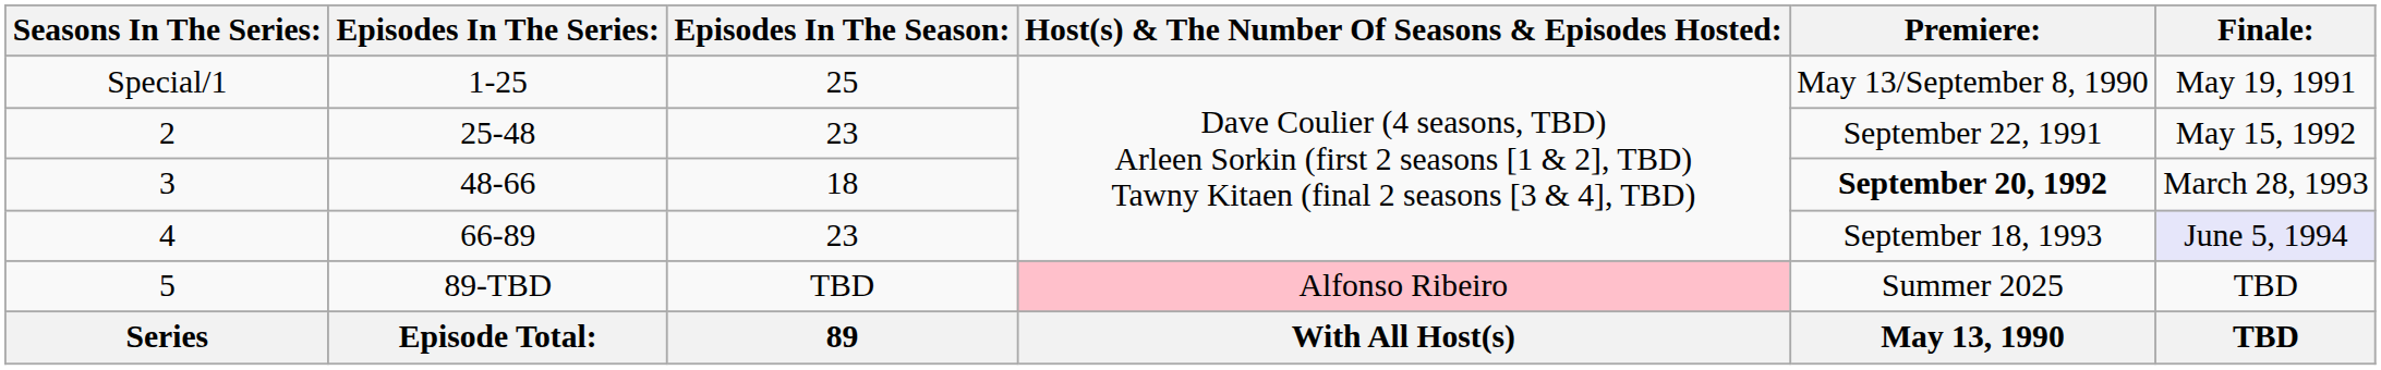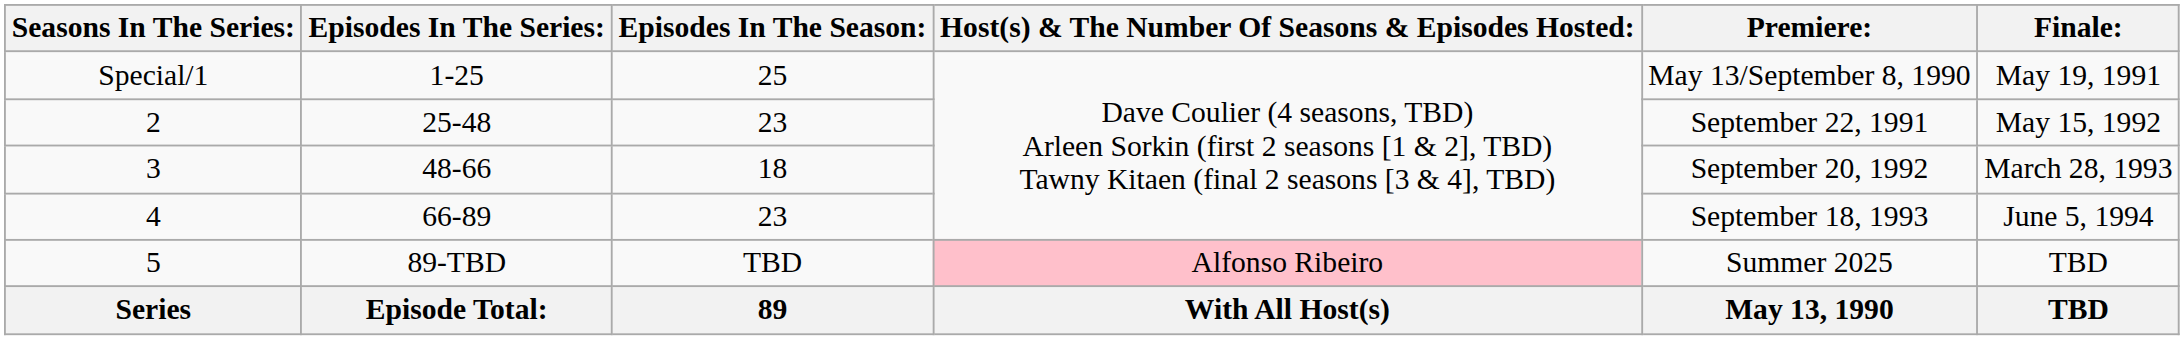 <table class="wikitable" style="text-align:center;">
 <tr>
 <th>Seasons In The Series:</th>
 <th>Episodes In The Series:</th>
 <th>Episodes In The Season:</th>
 <th>Host(s) & The Number Of Seasons & Episodes Hosted:</th>
 <th>Premiere:</th>
 <th>Finale:</th>
 </tr>
 <tr>
 <td>Special/1</td>
 <td>1-25</td>
 <td>25</td>
 <td rowspan="4">Dave Coulier (4 seasons, TBD) <br>Arleen Sorkin (first 2 seasons [1 & 2], TBD)<br>Tawny Kitaen (final 2 seasons [3 & 4], TBD)</td>
 <td>May 13/September 8, 1990</td>
 <td>May 19, 1991</td>
 </tr>
 <tr>
 <td>2</td>
 <td>25-48</td>
 <td>23</td>
 <td>September 22, 1991</td>
 <td 1991 September 22,>May 15, 1992</td>
 </tr>
 <tr>
 <td>3</td>
 <td>48-66</td>
 <td>18</td>
-<td><strong>September 20, 1992</strong></td>
+<td>September 20, 1992</td>
 <td 1992 September 20,>March 28, 1993</td>
 </tr>
 <tr>
 <td>4</td>
 <td>66-89</td>
 <td>23</td>
 <td>September 18, 1993</td>
-<td 1993 September 18, style="background: lavender;">June 5, 1994</td>
+<td 1993 September 18,>June 5, 1994</td>
 </tr>
 <tr>
 <td>5</td>
 <td>89-TBD</td>
 <td>TBD</td>
 <td style="background: pink;">Alfonso Ribeiro</td>
 <td>Summer 2025</td>
 <td>TBD</td>
 </tr>
 <tr>
 <th>Series</th>
 <th>Episode Total:</th>
 <th>89</th>
 <th>With All Host(s)</th>
 <th>May 13, 1990</th>
 <th>TBD</th>
 </tr>
 </table>
